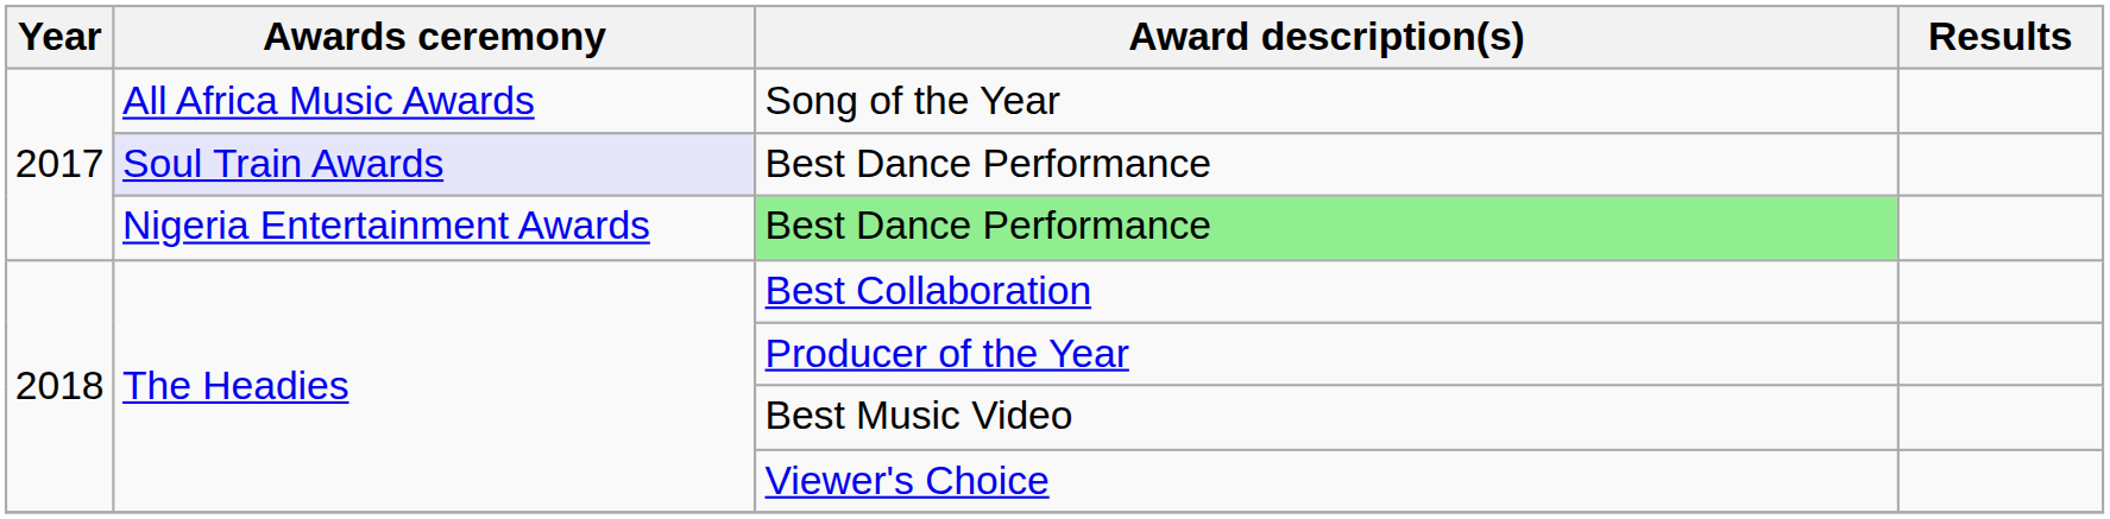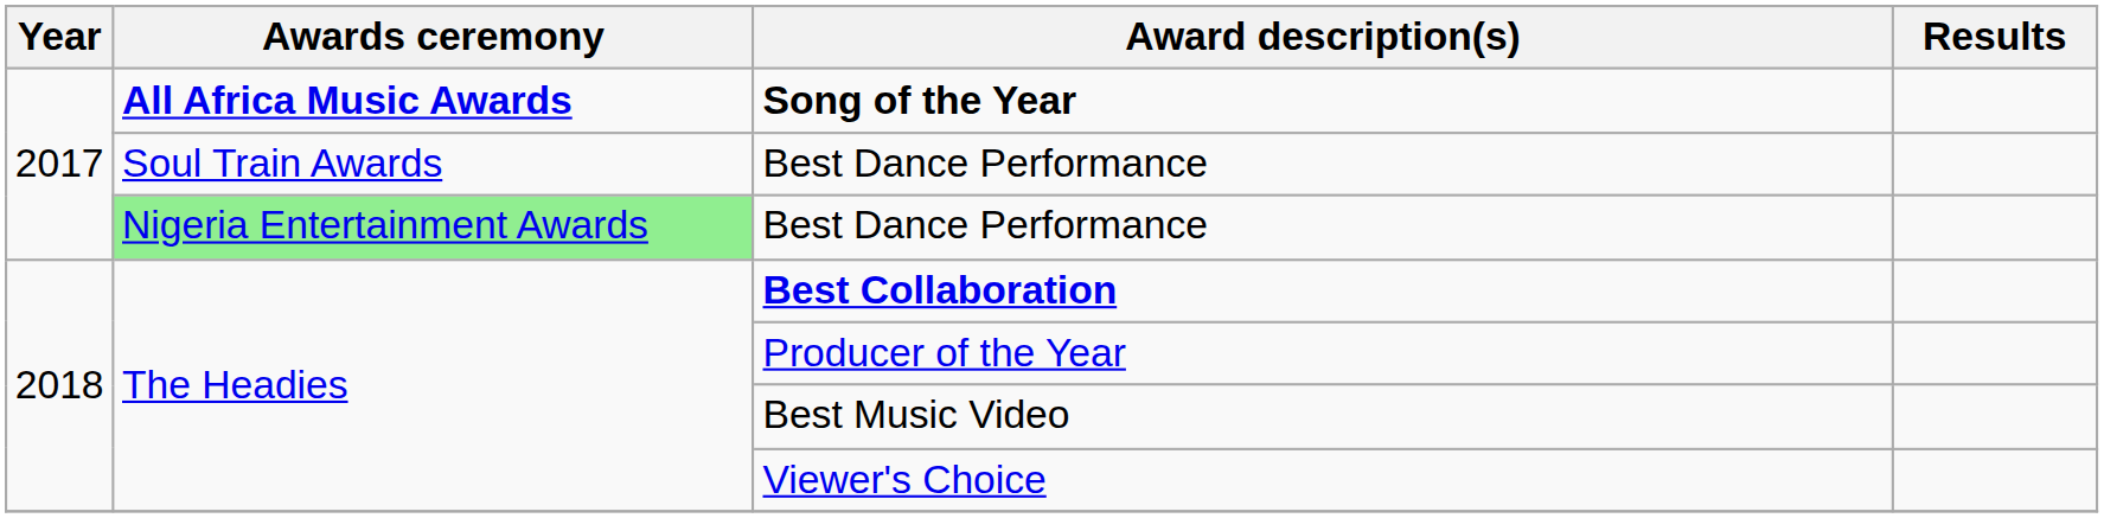 <table class="wikitable">
 <tr>
 <th>Year</th>
 <th style="width:250px;">Awards ceremony</th>
 <th style="width:450px;">Award description(s)</th>
 <th style="width:75px;">Results</th>
 </tr>
 <tr>
 <td rowspan="3">2017</td>
-<td><a href='#'>All Africa Music Awards</a></td>
-<td>Song of the Year</td>
+<td><strong><a href='#'>All Africa Music Awards</a></strong></td>
+<td><strong>Song of the Year</strong></td>
 <td></td>
 </tr>
 <tr>
-<td style="background: lavender;"><a href='#'>Soul Train Awards</a></td>
+<td><a href='#'>Soul Train Awards</a></td>
 <td>Best Dance Performance</td>
 <td></td>
 </tr>
 <tr>
-<td><a href='#'>Nigeria Entertainment Awards</a></td>
-<td style="background: lightgreen;">Best Dance Performance</td>
+<td style="background: lightgreen;"><a href='#'>Nigeria Entertainment Awards</a></td>
+<td>Best Dance Performance</td>
 <td></td>
 </tr>
 <tr>
 <td rowspan="4">2018</td>
 <td rowspan="4"><a href='#'>The Headies</a></td>
-<td><a href='#'>Best Collaboration</a></td>
+<td><strong><a href='#'>Best Collaboration</a></strong></td>
 <td></td>
 </tr>
 <tr>
 <td><a href='#'>Producer of the Year</a></td>
 <td></td>
 </tr>
 <tr>
 <td>Best Music Video</td>
 <td></td>
 </tr>
 <tr>
 <td><a href='#'>Viewer's Choice</a></td>
 <td></td>
 </tr>
 <tr>
 </tr>
 </table>
